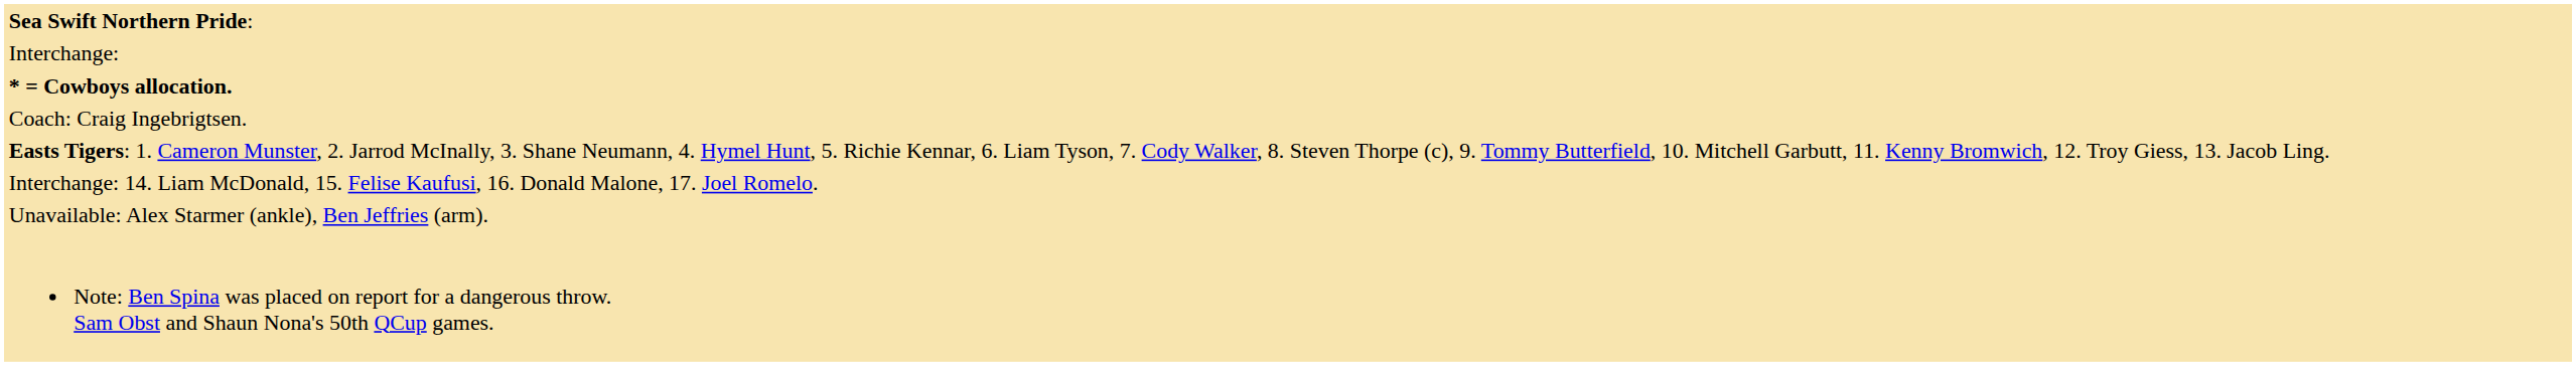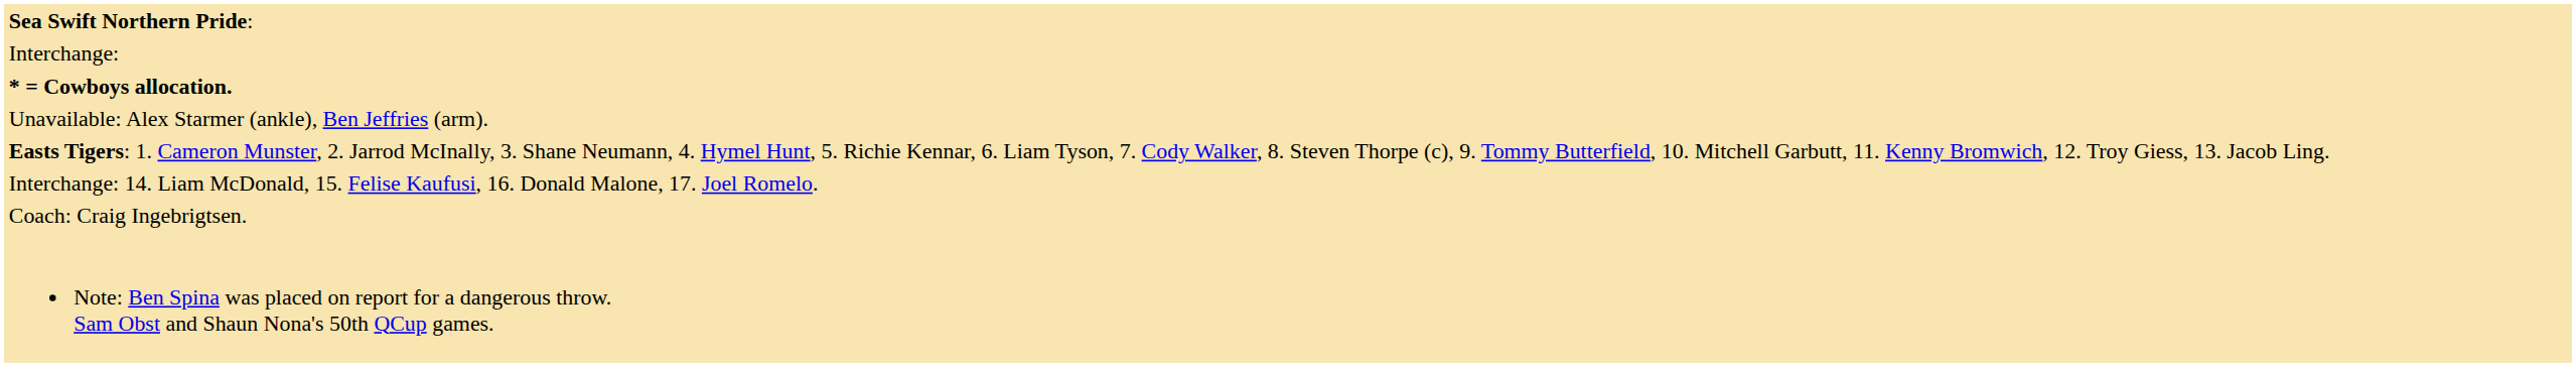 <table style="background:#f8e5af; font-size:85%; width:100%;">
 <tr>
 <td><strong>Sea Swift Northern Pride</strong>:             </td>
 </tr>
 <tr>
 <td>Interchange:    </td>
 </tr>
 <tr>
 <td><strong>* = Cowboys allocation.</strong></td>
 </tr>
 <tr>
-<td>Coach: Craig Ingebrigtsen.</td>
+<td>Unavailable: Alex Starmer (ankle), <a href='#'>Ben Jeffries</a> (arm).</td>
 </tr>
 <tr>
 <td><strong>Easts Tigers</strong>: 1. <a href='#'>Cameron Munster</a>, 2. Jarrod McInally, 3. Shane Neumann, 4. <a href='#'>Hymel Hunt</a>, 5. Richie Kennar, 6. Liam Tyson, 7. <a href='#'>Cody Walker</a>, 8. Steven Thorpe (c), 9. <a href='#'>Tommy Butterfield</a>, 10. Mitchell Garbutt, 11. <a href='#'>Kenny Bromwich</a>, 12. Troy Giess, 13. Jacob Ling.</td>
 </tr>
 <tr>
 <td>Interchange: 14. Liam McDonald, 15. <a href='#'>Felise Kaufusi</a>, 16. Donald Malone, 17. <a href='#'>Joel Romelo</a>.</td>
 </tr>
 <tr>
-<td>Unavailable: Alex Starmer (ankle), <a href='#'>Ben Jeffries</a> (arm).</td>
+<td>Coach: Craig Ingebrigtsen.</td>
 </tr>
 <tr>
 <td><br><ul><li>Note: <a href='#'>Ben Spina</a> was placed on report for a dangerous throw.<br><a href='#'>Sam Obst</a> and Shaun Nona's 50th <a href='#'>QCup</a> games.</li></ul></td>
 </tr>
 </table>
